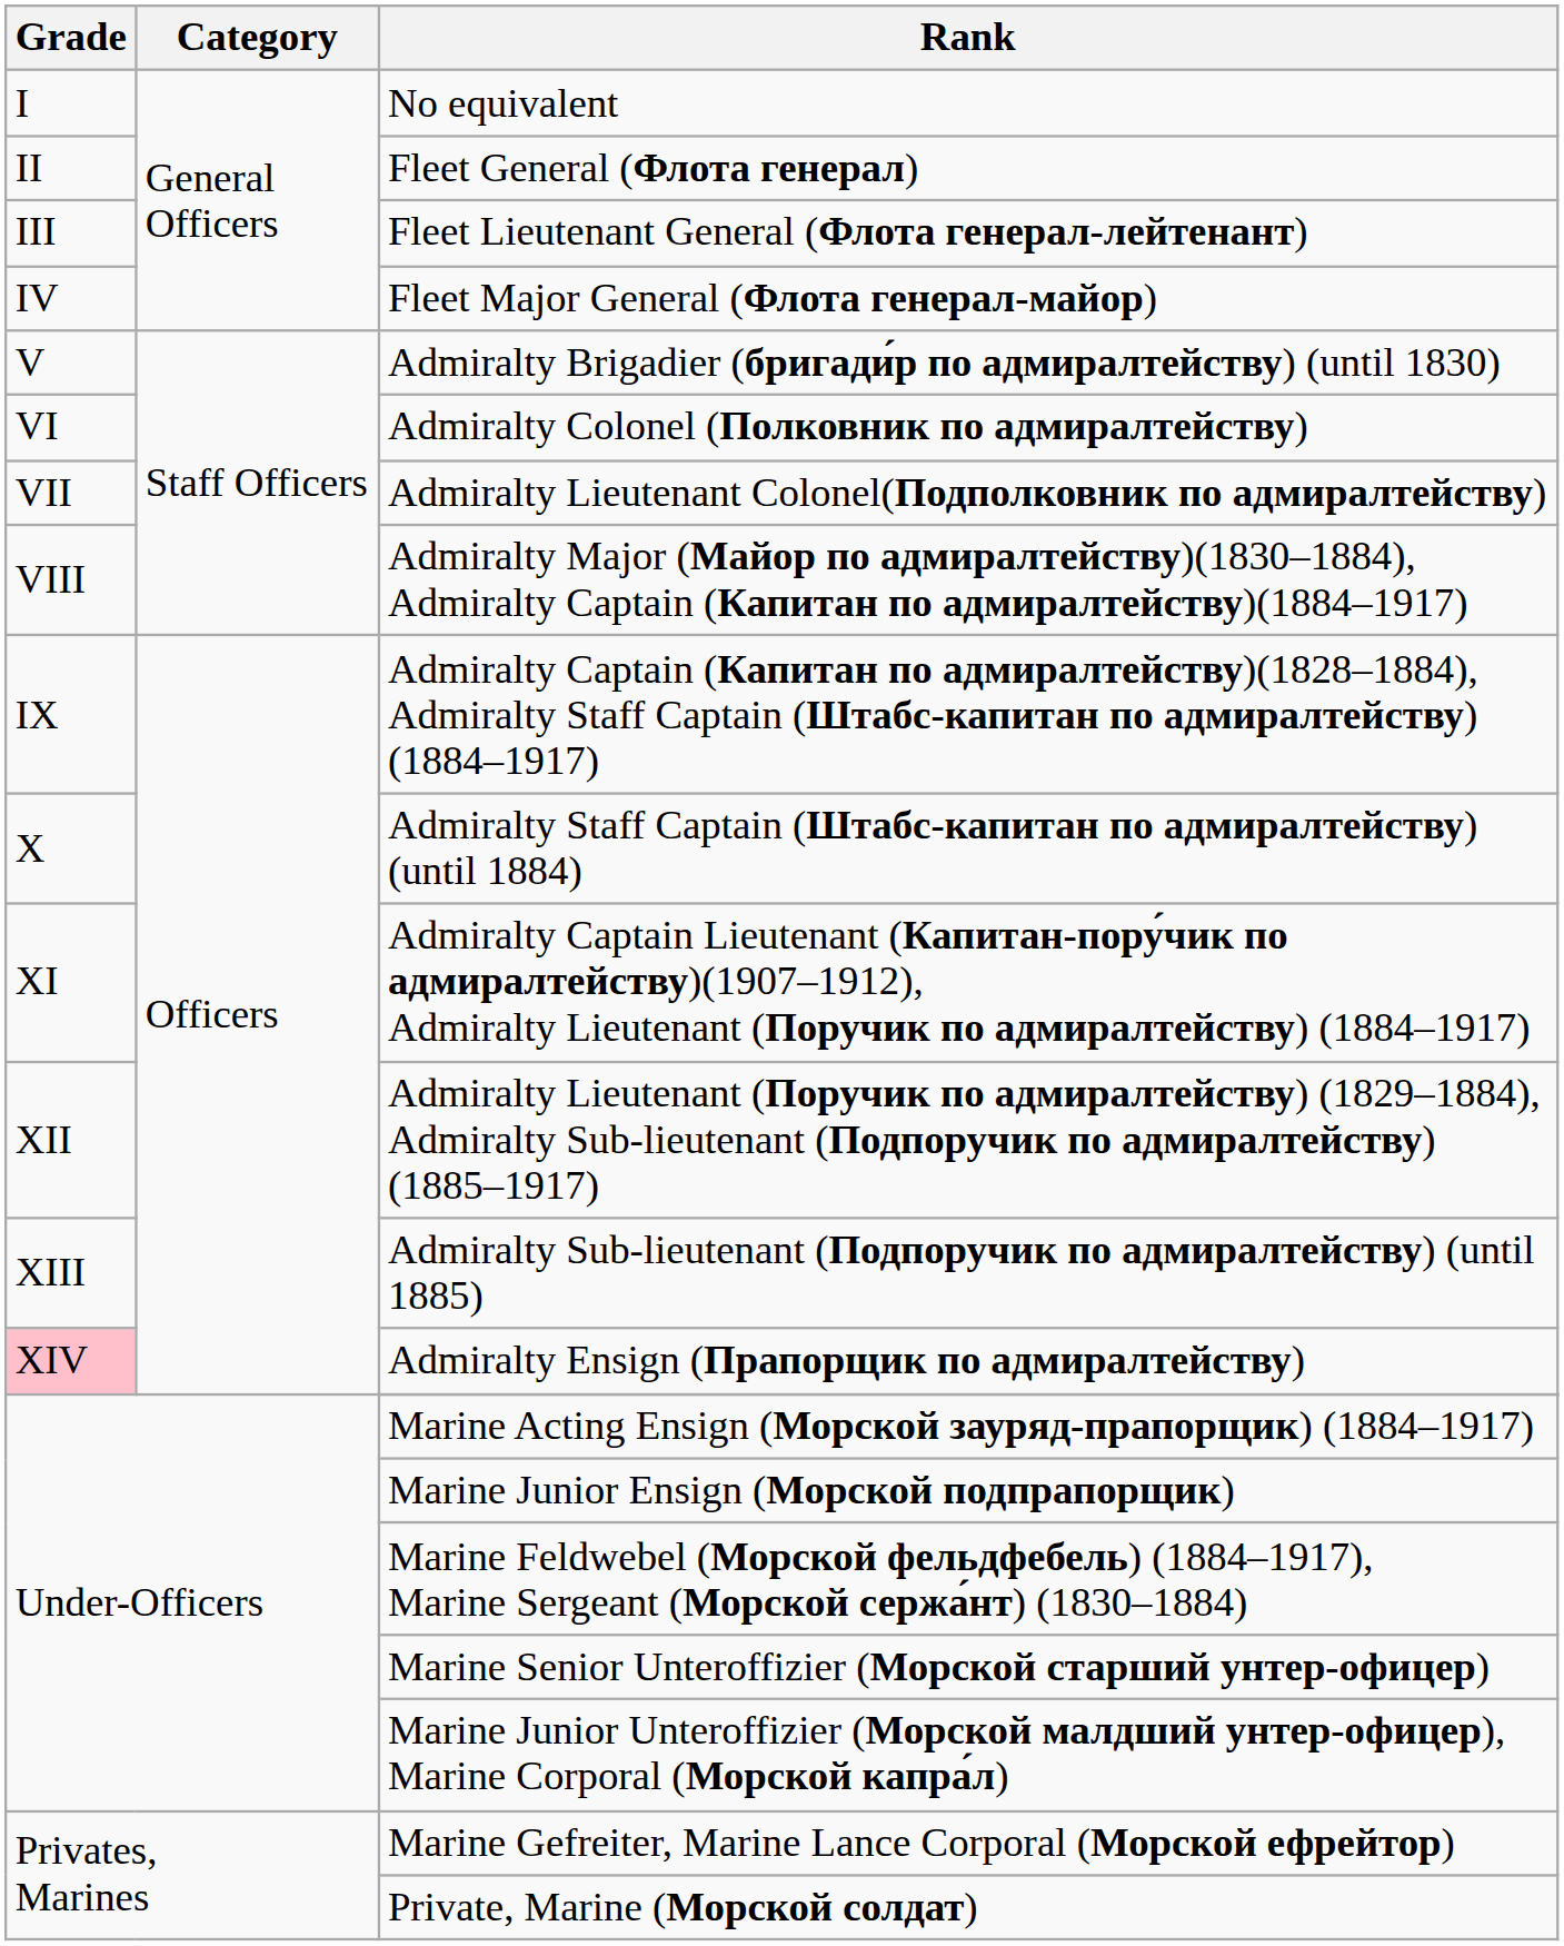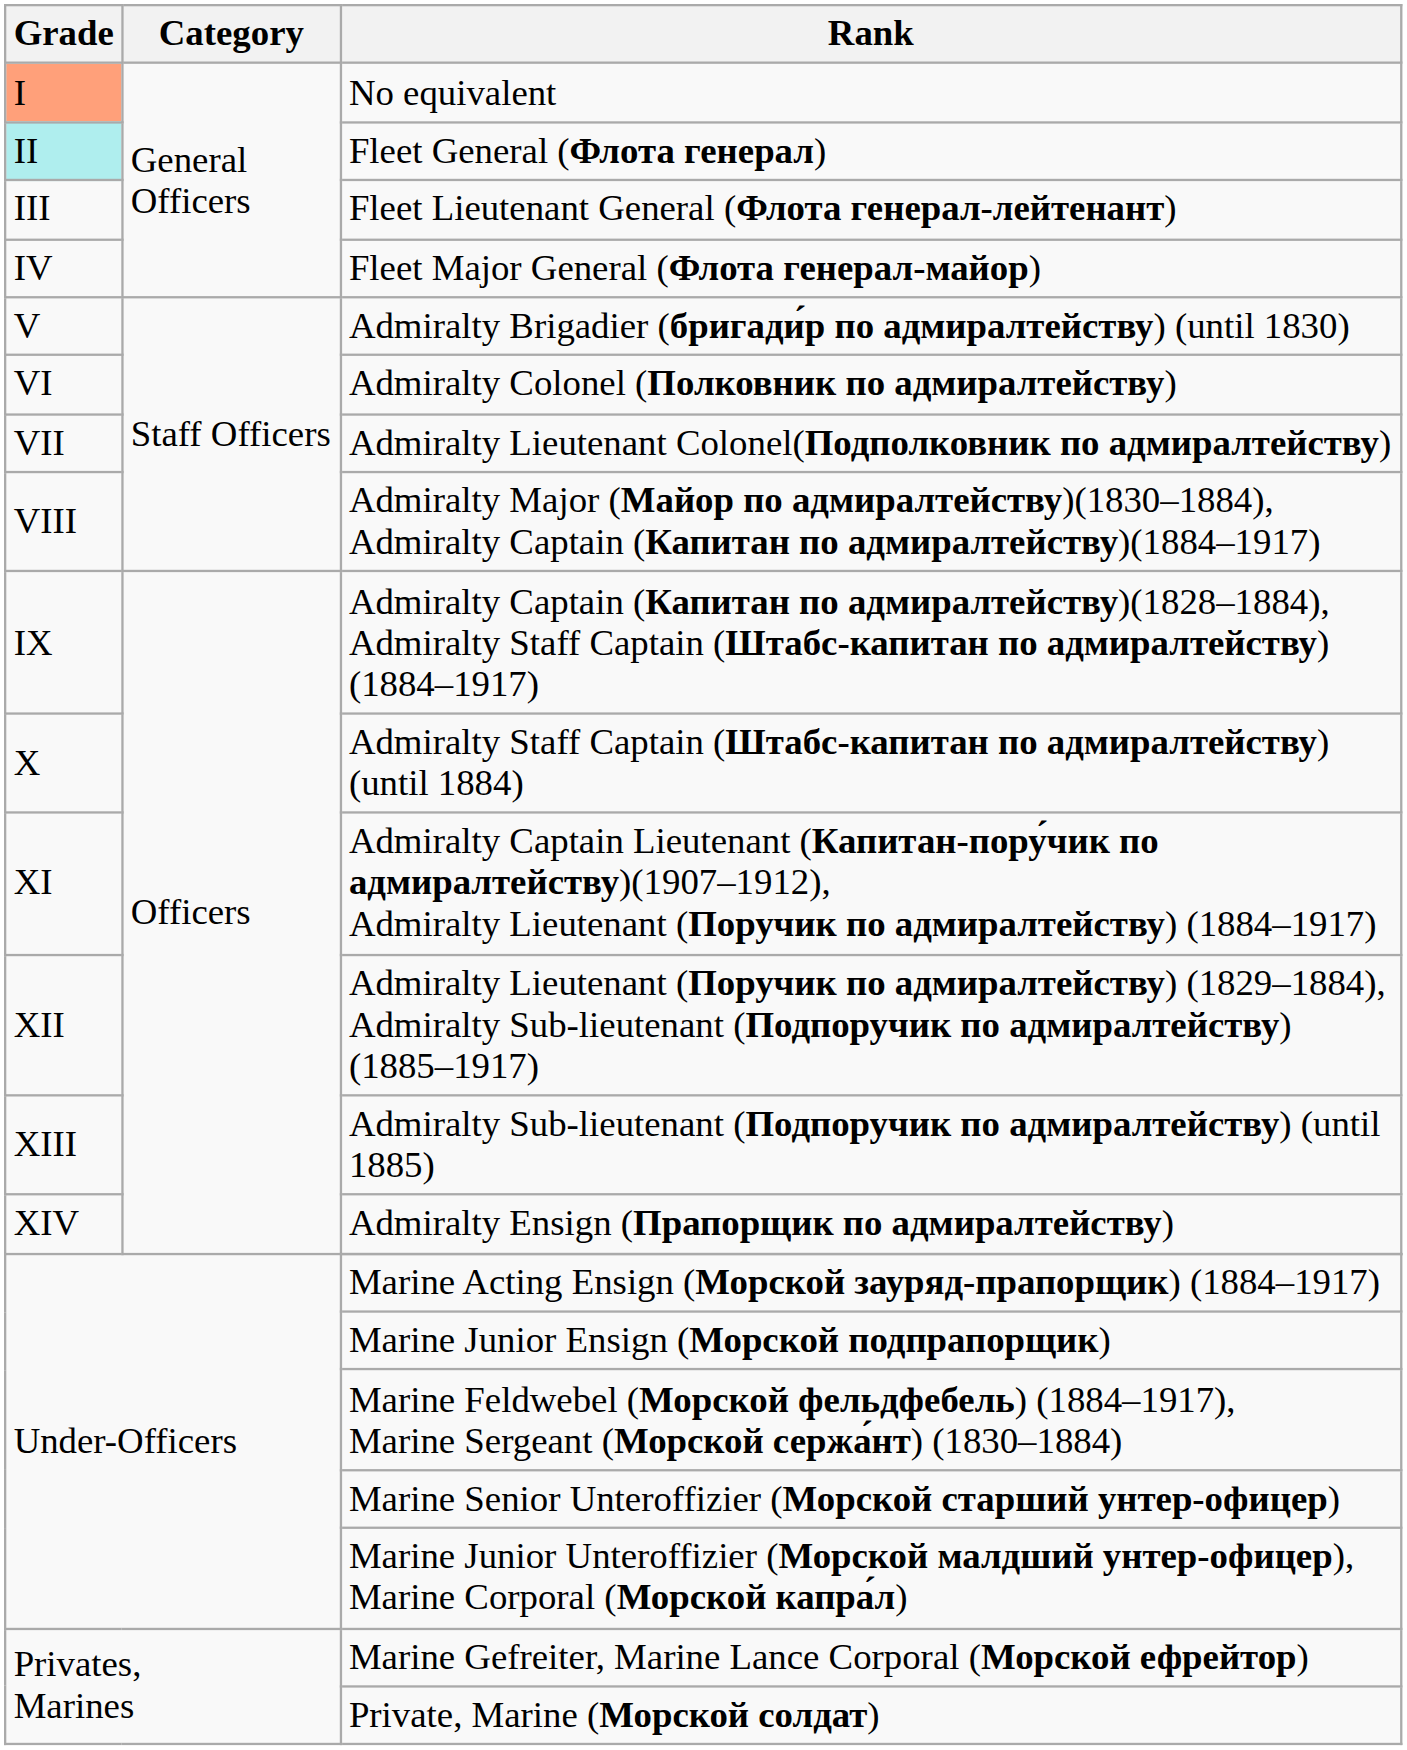 <table class="wikitable">
 <tr>
 <th>Grade</th>
 <th>Category</th>
 <th>Rank</th>
 </tr>
 <tr>
-<td>I</td>
+<td style="background: lightsalmon;">I</td>
 <td rowspan="4">General Officers</td>
 <td>No equivalent</td>
 </tr>
 <tr>
-<td>II</td>
+<td style="background: paleturquoise;">II</td>
 <td>Fleet General (<strong>Флота генерал</strong>)</td>
 </tr>
 <tr>
 <td>III</td>
 <td>Fleet Lieutenant General (<strong>Флота генерал-лейтенант</strong>)</td>
 </tr>
 <tr>
 <td>IV</td>
 <td>Fleet Major General (<strong>Флота генерал-майор</strong>)</td>
 </tr>
 <tr>
 <td>V</td>
 <td rowspan="4">Staff Officers</td>
 <td>Admiralty Brigadier (<strong>бригади́р по адмиралтейству</strong>) (until 1830)</td>
 </tr>
 <tr>
 <td>VI</td>
 <td>Admiralty Colonel (<strong>Полковник по адмиралтейству</strong>)</td>
 </tr>
 <tr>
 <td>VII</td>
 <td>Admiralty Lieutenant Colonel(<strong>Подполковник по адмиралтейству</strong>)</td>
 </tr>
 <tr>
 <td>VIII</td>
 <td>Admiralty Major (<strong>Майор по адмиралтейству</strong>)(1830–1884),<br> Admiralty Captain (<strong>Капитан по адмиралтейству</strong>)(1884–1917)</td>
 </tr>
 <tr>
 <td>IX</td>
 <td rowspan="6">Officers</td>
 <td>Admiralty Captain (<strong>Капитан по адмиралтейству</strong>)(1828–1884),<br> Admiralty Staff Captain (<strong>Штабс-капитан по адмиралтейству</strong>) (1884–1917)</td>
 </tr>
 <tr>
 <td>X</td>
 <td>Admiralty Staff Captain (<strong>Штабс-капитан по адмиралтейству</strong>) (until 1884)</td>
 </tr>
 <tr>
 <td>XI</td>
 <td>Admiralty Captain Lieutenant (<strong>Капитан-пору́чик по адмиралтейству</strong>)(1907–1912),<br> Admiralty Lieutenant (<strong>Поручик по адмиралтейству</strong>) (1884–1917)</td>
 </tr>
 <tr>
 <td>XII</td>
 <td>Admiralty Lieutenant (<strong>Поручик по адмиралтейству</strong>) (1829–1884),<br> Admiralty Sub-lieutenant (<strong>Подпоручик по адмиралтейству</strong>) (1885–1917)</td>
 </tr>
 <tr>
 <td>XIII</td>
 <td>Admiralty Sub-lieutenant (<strong>Подпоручик по адмиралтейству</strong>) (until 1885)</td>
 </tr>
 <tr>
-<td style="background: pink;">XIV</td>
+<td>XIV</td>
 <td>Admiralty Ensign (<strong>Прапорщик по адмиралтейству</strong>)</td>
 </tr>
 <tr>
 <td rowspan="6" colspan="2">Under-Officers</td>
 </tr>
 <tr>
 <td>Marine Acting Ensign (<strong>Морской зауряд-прапорщик</strong>) (1884–1917)</td>
 </tr>
 <tr>
 <td>Marine Junior Ensign (<strong>Морской подпрапорщик</strong>)</td>
 </tr>
 <tr>
 <td>Marine Feldwebel (<strong>Морской фельдфебель</strong>) (1884–1917),<br> Marine Sergeant (<strong>Морской сержа́нт</strong>) (1830–1884)</td>
 </tr>
 <tr>
 <td>Marine Senior Unteroffizier (<strong>Морской старший унтер-офицер</strong>)</td>
 </tr>
 <tr>
 <td>Marine Junior Unteroffizier (<strong>Морской малдший унтер-офицер</strong>), Marine Corporal (<strong>Морской капра́л</strong>)</td>
 </tr>
 <tr>
 <td rowspan="2" colspan="2">Privates,<br> Marines</td>
 <td>Marine Gefreiter, Marine Lance Corporal (<strong>Морской ефрейтор</strong>)</td>
 </tr>
 <tr>
 <td>Private, Marine (<strong>Морской солдат</strong>)</td>
 </tr>
 </table>
